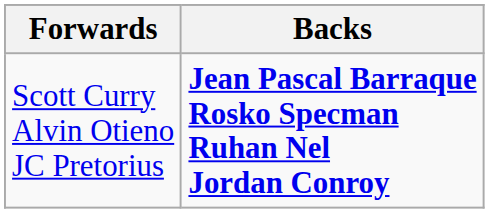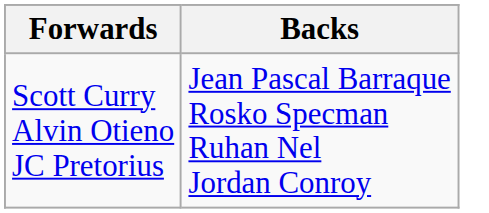 <table class="wikitable sortable">
 <tr>
 <th>Forwards</th>
 <th>Backs</th>
 </tr>
 <tr>
 <td> <a href='#'>Scott Curry</a> <br>  <a href='#'>Alvin Otieno</a> <br>  <a href='#'>JC Pretorius</a></td>
-<td><strong> <a href='#'>Jean Pascal Barraque</a> <br>  <a href='#'>Rosko Specman</a> <br>  <a href='#'>Ruhan Nel</a> <br>  <a href='#'>Jordan Conroy</a></strong></td>
+<td> <a href='#'>Jean Pascal Barraque</a> <br>  <a href='#'>Rosko Specman</a> <br>  <a href='#'>Ruhan Nel</a> <br>  <a href='#'>Jordan Conroy</a></td>
 </tr>
 </table>
